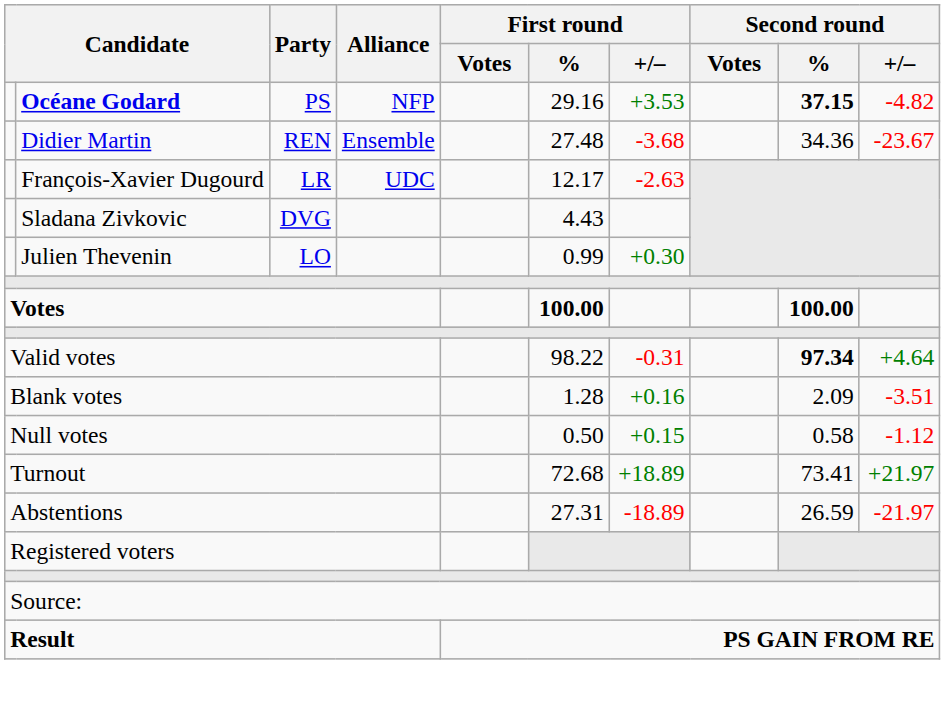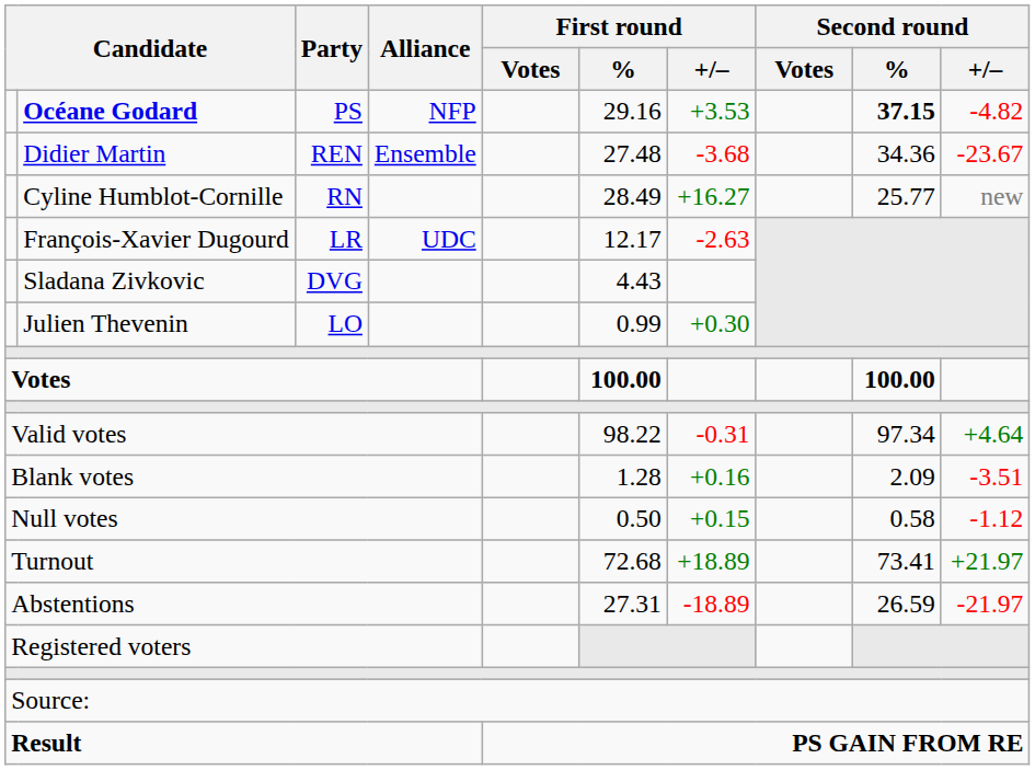 <table class="wikitable" style="text-align:right;font-size:95%;">
 <tr>
 <th rowspan="2" colspan="2">Candidate</th>
 <th colspan="1" rowspan="2">Party</th>
 <th colspan="1" rowspan="2">Alliance</th>
 <th colspan="3">First round</th>
 <th colspan="3">Second round</th>
 </tr>
 <tr>
 <th style="width:50px;">Votes</th>
 <th style="width:45px;">%</th>
 <th style="width:45px;">+/–</th>
 <th style="width:50px;">Votes</th>
 <th style="width:45px;">%</th>
 <th style="width:45px;">+/–</th>
 </tr>
 <tr>
 <td style="color:inherit;background:"></td>
 <td style="text-align:left;"><strong><a href='#'>Océane Godard</a></strong></td>
 <td><a href='#'>PS</a></td>
 <td><a href='#'>NFP</a></td>
 <td></td>
 <td>29.16</td>
 <td style="color:green;">+3.53</td>
 <td><strong></strong></td>
 <td><strong>37.15</strong></td>
 <td style="color:red;">-4.82</td>
 </tr>
 <tr>
 <td style="color:inherit;background:"></td>
 <td style="text-align:left;"><a href='#'>Didier Martin</a></td>
 <td><a href='#'>REN</a></td>
 <td><a href='#'>Ensemble</a></td>
 <td></td>
 <td>27.48</td>
 <td style="color:red;">-3.68</td>
 <td></td>
 <td>34.36</td>
 <td style="color:red;">-23.67</td>
+</tr>
+<tr>
+<td style="color:inherit;background:"></td>
+<td style="text-align:left;">Cyline Humblot-Cornille</td>
+<td><a href='#'>RN</a></td>
+<td></td>
+<td></td>
+<td>28.49</td>
+<td style="color:green;">+16.27</td>
+<td></td>
+<td>25.77</td>
+<td style="color:grey;">new</td>
 </tr>
 <tr>
 <td style="color:inherit;background:"></td>
 <td style="text-align:left;">François-Xavier Dugourd</td>
 <td><a href='#'>LR</a></td>
 <td><a href='#'>UDC</a></td>
 <td></td>
 <td>12.17</td>
 <td style="color:red;">-2.63</td>
 <td colspan="3" rowspan="3" style="background:#E9E9E9;"></td>
 </tr>
 <tr>
 <td style="color:inherit;background:"></td>
 <td style="text-align:left;">Sladana Zivkovic</td>
 <td><a href='#'>DVG</a></td>
 <td></td>
 <td></td>
 <td>4.43</td>
 <td style="color:grey;"></td>
 </tr>
 <tr>
 <td style="color:inherit;background:"></td>
 <td style="text-align:left;">Julien Thevenin</td>
 <td><a href='#'>LO</a></td>
 <td></td>
 <td></td>
 <td>0.99</td>
 <td style="color:green;">+0.30</td>
 </tr>
 <tr>
 <td colspan="10" style="background:#E9E9E9;"></td>
 </tr>
 <tr style="font-weight:bold;">
 <td colspan="4" style="text-align:left;">Votes</td>
 <td></td>
 <td>100.00</td>
 <td></td>
 <td></td>
 <td>100.00</td>
 <td></td>
 </tr>
 <tr>
 <td colspan="10" style="background:#E9E9E9;"></td>
 </tr>
 <tr>
 <td colspan="4" style="text-align:left;">Valid votes</td>
 <td></td>
 <td>98.22</td>
 <td style="color:red;">-0.31</td>
 <td></td>
-<td><strong>97.34</strong></td>
+<td>97.34</td>
 <td style="color:green;">+4.64</td>
 </tr>
 <tr>
 <td colspan="4" style="text-align:left;">Blank votes</td>
 <td></td>
 <td>1.28</td>
 <td style="color:green;">+0.16</td>
 <td></td>
 <td>2.09</td>
 <td style="color:red;">-3.51</td>
 </tr>
 <tr>
 <td colspan="4" style="text-align:left;">Null votes</td>
 <td></td>
 <td>0.50</td>
 <td style="color:green;">+0.15</td>
 <td></td>
 <td>0.58</td>
 <td style="color:red;">-1.12</td>
 </tr>
 <tr>
 <td colspan="4" style="text-align:left;">Turnout</td>
 <td></td>
 <td>72.68</td>
 <td style="color:green;">+18.89</td>
 <td></td>
 <td>73.41</td>
 <td style="color:green;">+21.97</td>
 </tr>
 <tr>
 <td colspan="4" style="text-align:left;">Abstentions</td>
 <td></td>
 <td>27.31</td>
 <td style="color:red;">-18.89</td>
 <td></td>
 <td>26.59</td>
 <td style="color:red;">-21.97</td>
 </tr>
 <tr>
 <td colspan="4" style="text-align:left;">Registered voters</td>
 <td></td>
 <td colspan="2" style="background:#E9E9E9;"></td>
 <td></td>
 <td colspan="2" style="background:#E9E9E9;"></td>
 </tr>
 <tr>
 <td colspan="10" style="background:#E9E9E9;"></td>
 </tr>
 <tr>
 <td colspan="10" style="text-align:left;">Source: </td>
 </tr>
 <tr style="font-weight:bold">
 <td colspan="4" style="text-align:left;">Result</td>
 <td colspan="6" style="background-color:">PS GAIN FROM RE</td>
 </tr>
 </table>
